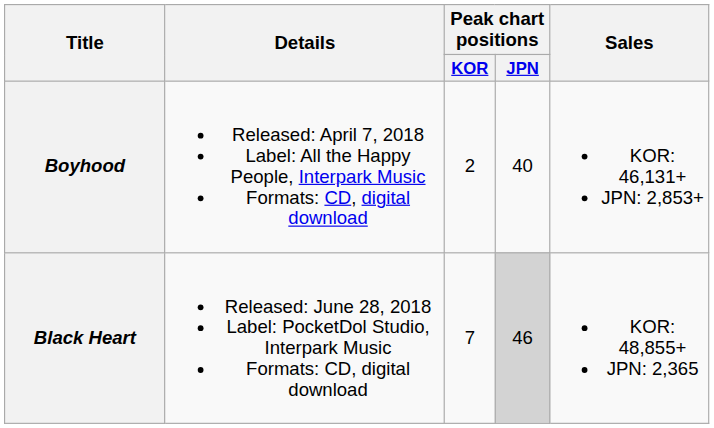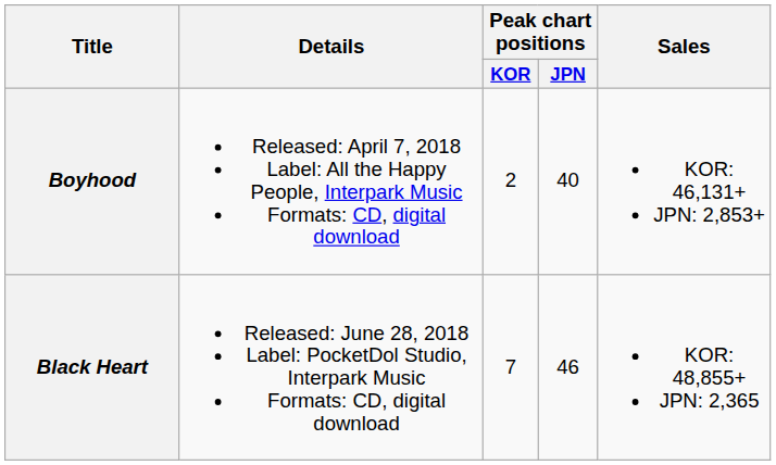 <table class="wikitable plainrowheaders" style="text-align:center">
 <tr>
 <th scope="col" rowspan="2" style="width:12em">Title</th>
 <th scope="col" rowspan="2" style="width:22em">Details</th>
 <th scope="col" colspan="2" style="width:6em">Peak chart positions</th>
 <th scope="col" rowspan="2" style="width:10em;">Sales</th>
 </tr>
 <tr>
 <th scope="col" style="width:2.5em;font-size:90%;"><a href='#'>KOR</a><br></th>
 <th scope="col" style="width:3em;font-size:90%"><a href='#'>JPN</a><br></th>
 </tr>
 <tr>
 <th scope="row"><em>Boyhood</em></th>
 <td><br><ul><li>Released: April 7, 2018</li><li>Label: All the Happy People, <a href='#'>Interpark Music</a></li><li>Formats: <a href='#'>CD</a>, <a href='#'>digital download</a></li></ul></td>
 <td>2</td>
 <td>40</td>
 <td><br><ul><li>KOR: 46,131+</li><li>JPN: 2,853+</li></ul></td>
 </tr>
 <tr>
 <th scope="row"><em>Black Heart</em></th>
 <td><br><ul><li>Released: June 28, 2018</li><li>Label: PocketDol Studio, Interpark Music</li><li>Formats: CD, digital download</li></ul></td>
 <td>7</td>
-<td style="background: lightgrey;">46</td>
+<td>46</td>
 <td><br><ul><li>KOR: 48,855+</li><li>JPN: 2,365</li></ul></td>
 </tr>
 </table>
